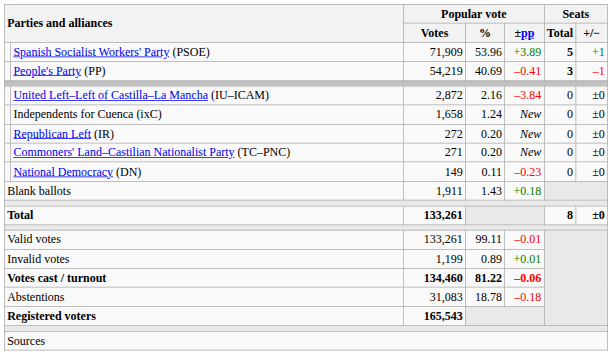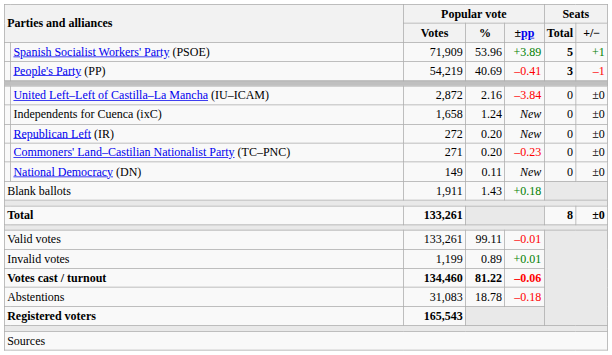 <table class="wikitable" style="text-align:right;">
 <tr>
 <th style="text-align:left;" rowspan="2" colspan="2" width="525">Parties and alliances</th>
 <th colspan="3">Popular vote</th>
 <th colspan="2">Seats</th>
 </tr>
 <tr>
 <th width="75">Votes</th>
 <th width="45">%</th>
 <th width="45">±<a href='#'>pp</a></th>
 <th width="35">Total</th>
 <th width="35">+/−</th>
 </tr>
 <tr>
 <td width="1" style="color:inherit;background:"></td>
 <td align="left"><a href='#'>Spanish Socialist Workers' Party</a> (PSOE)</td>
 <td>71,909</td>
 <td>53.96</td>
 <td style="color:green;">+3.89</td>
 <td><strong>5</strong></td>
 <td style="color:green;">+1</td>
 </tr>
 <tr>
 <td style="color:inherit;background:"></td>
 <td align="left"><a href='#'>People's Party</a> (PP)</td>
 <td>54,219</td>
 <td>40.69</td>
 <td style="color:red;">–0.41</td>
 <td><strong>3</strong></td>
 <td style="color:red;">–1</td>
 </tr>
 <tr>
 <td colspan="7" bgcolor="#C0C0C0"></td>
 </tr>
 <tr>
 <td style="color:inherit;background:"></td>
 <td align="left"><a href='#'>United Left–Left of Castilla–La Mancha</a> (IU–ICAM)</td>
 <td>2,872</td>
 <td>2.16</td>
 <td style="color:red;">–3.84</td>
 <td>0</td>
 <td>±0</td>
 </tr>
 <tr>
 <td style="color:inherit;background:"></td>
 <td align="left">Independents for Cuenca (ixC)</td>
 <td>1,658</td>
 <td>1.24</td>
 <td><em>New</em></td>
 <td>0</td>
 <td>±0</td>
 </tr>
 <tr>
 <td style="color:inherit;background:"></td>
 <td align="left"><a href='#'>Republican Left</a> (IR)</td>
 <td>272</td>
 <td>0.20</td>
 <td><em>New</em></td>
 <td>0</td>
 <td>±0</td>
 </tr>
 <tr>
 <td style="color:inherit;background:"></td>
 <td align="left"><a href='#'>Commoners' Land–Castilian Nationalist Party</a> (TC–PNC)</td>
 <td>271</td>
 <td>0.20</td>
-<td><em>New</em></td>
+<td style="color:red;">–0.23</td>
 <td>0</td>
 <td>±0</td>
 </tr>
 <tr>
 <td style="color:inherit;background:"></td>
 <td align="left"><a href='#'>National Democracy</a> (DN)</td>
 <td>149</td>
 <td>0.11</td>
-<td style="color:red;">–0.23</td>
+<td><em>New</em></td>
 <td>0</td>
 <td>±0</td>
 </tr>
 <tr>
 <td align="left" colspan="2">Blank ballots</td>
 <td>1,911</td>
 <td>1.43</td>
 <td style="color:green;">+0.18</td>
 <td bgcolor="#E9E9E9" colspan="2"></td>
 </tr>
 <tr>
 <td colspan="7" bgcolor="#E9E9E9"></td>
 </tr>
 <tr style="font-weight:bold;">
 <td align="left" colspan="2">Total</td>
 <td>133,261</td>
 <td bgcolor="#E9E9E9" colspan="2"></td>
 <td>8</td>
 <td>±0</td>
 </tr>
 <tr>
 <td colspan="7" bgcolor="#E9E9E9"></td>
 </tr>
 <tr>
 <td align="left" colspan="2">Valid votes</td>
 <td>133,261</td>
 <td>99.11</td>
 <td style="color:red;">–0.01</td>
 <td bgcolor="#E9E9E9" colspan="2" rowspan="5"></td>
 </tr>
 <tr>
 <td align="left" colspan="2">Invalid votes</td>
 <td>1,199</td>
 <td>0.89</td>
 <td style="color:green;">+0.01</td>
 </tr>
 <tr style="font-weight:bold;">
 <td align="left" colspan="2">Votes cast / turnout</td>
 <td>134,460</td>
 <td>81.22</td>
 <td style="color:red;">–0.06</td>
 </tr>
 <tr>
 <td align="left" colspan="2">Abstentions</td>
 <td>31,083</td>
 <td>18.78</td>
 <td style="color:red;">–0.18</td>
 </tr>
 <tr style="font-weight:bold;">
 <td align="left" colspan="2">Registered voters</td>
 <td>165,543</td>
 <td bgcolor="#E9E9E9" colspan="2"></td>
 </tr>
 <tr>
 <td colspan="7" bgcolor="#E9E9E9"></td>
 </tr>
 <tr>
 <td align="left" colspan="7">Sources</td>
 </tr>
 </table>
